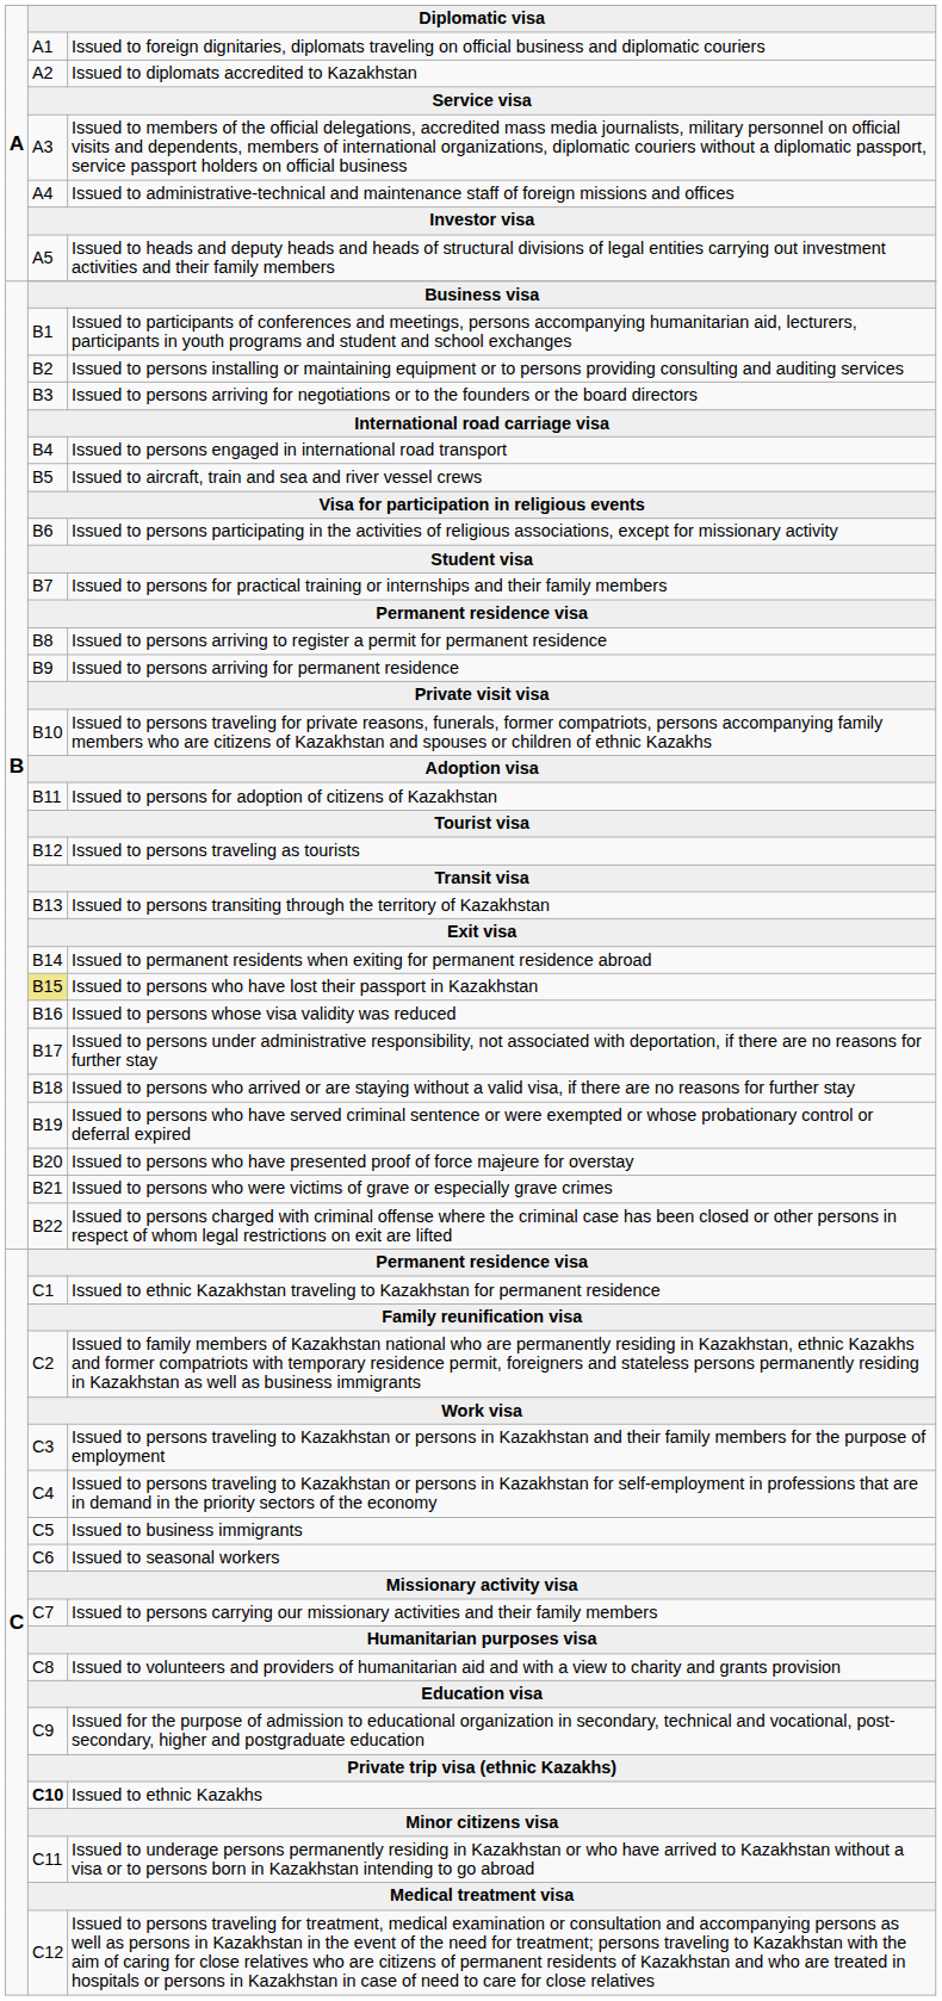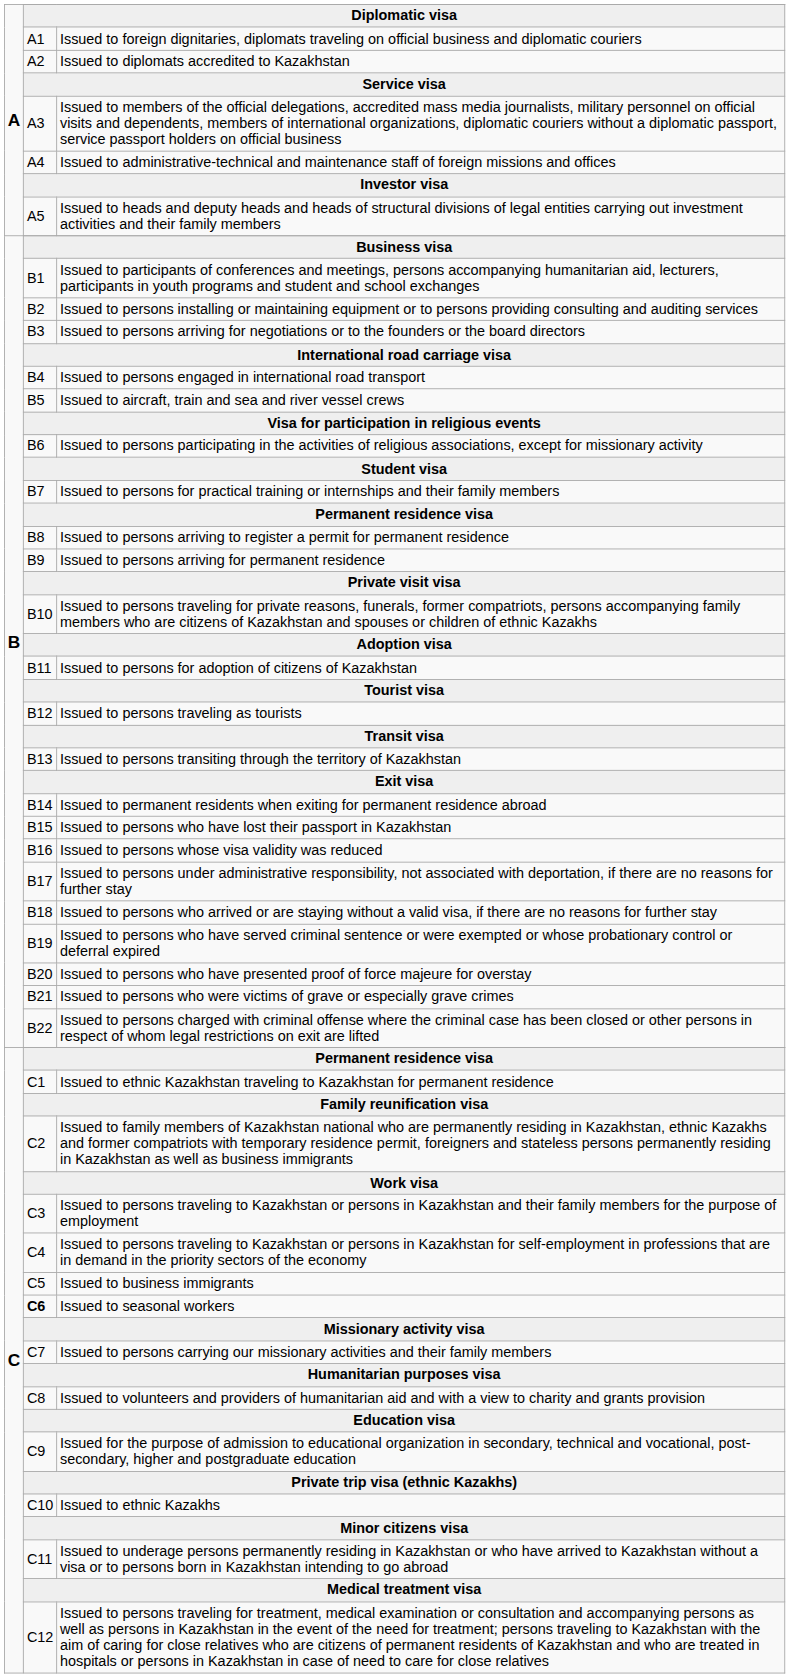 <table class="wikitable">
 <tr>
 <td rowspan="9"><strong><big>A</big></strong></td>
 </tr>
 <tr>
 <th colspan="3" style="background-color:#efefef;">Diplomatic visa</th>
 </tr>
 <tr>
 <td>A1</td>
 <td>Issued to foreign dignitaries, diplomats traveling on official business and diplomatic couriers</td>
 </tr>
 <tr>
 <td>A2</td>
 <td>Issued to diplomats accredited to Kazakhstan</td>
 </tr>
 <tr>
 <th colspan="3" style="background-color:#efefef;">Service visa</th>
 </tr>
 <tr>
 <td>A3</td>
 <td>Issued to members of the official delegations, accredited mass media journalists, military personnel on official visits and dependents, members of international organizations, diplomatic couriers without a diplomatic passport, service passport holders on official business</td>
 </tr>
 <tr>
 <td>A4</td>
 <td>Issued to administrative-technical and maintenance staff of foreign missions and offices</td>
 </tr>
 <tr>
 <th colspan="3" style="background-color:#efefef;">Investor visa</th>
 </tr>
 <tr>
 <td>A5</td>
 <td>Issued to heads and deputy heads and heads of structural divisions of legal entities carrying out investment activities and their family members</td>
 </tr>
 <tr>
 <td rowspan="33"><strong><big>B</big></strong></td>
 </tr>
 <tr>
 <th colspan="3" style="background-color:#efefef;">Business visa</th>
 </tr>
 <tr>
 <td>B1</td>
 <td>Issued to participants of conferences and meetings, persons accompanying humanitarian aid, lecturers, participants in youth programs and student and school exchanges</td>
 </tr>
 <tr>
 <td>B2</td>
 <td>Issued to persons installing or maintaining equipment or to persons providing consulting and auditing services</td>
 </tr>
 <tr>
 <td>B3</td>
 <td>Issued to persons arriving for negotiations or to the founders or the board directors</td>
 </tr>
 <tr>
 <th colspan="3" style="background-color:#efefef;">International road carriage visa</th>
 </tr>
 <tr>
 <td>B4</td>
 <td>Issued to persons engaged in international road transport</td>
 </tr>
 <tr>
 <td>B5</td>
 <td>Issued to aircraft, train and sea and river vessel crews</td>
 </tr>
 <tr>
 <th colspan="3" style="background-color:#efefef;">Visa for participation in religious events</th>
 </tr>
 <tr>
 <td>B6</td>
 <td>Issued to persons participating in the activities of religious associations, except for missionary activity</td>
 </tr>
 <tr>
 <th colspan="3" style="background-color:#efefef;">Student visa</th>
 </tr>
 <tr>
 <td>B7</td>
 <td>Issued to persons for practical training or internships and their family members</td>
 </tr>
 <tr>
 <th colspan="3" style="background-color:#efefef;">Permanent residence visa</th>
 </tr>
 <tr>
 <td>B8</td>
 <td>Issued to persons arriving to register a permit for permanent residence</td>
 </tr>
 <tr>
 <td>B9</td>
 <td>Issued to persons arriving for permanent residence</td>
 </tr>
 <tr>
 <th colspan="3" style="background-color:#efefef;">Private visit visa</th>
 </tr>
 <tr>
 <td>B10</td>
 <td>Issued to persons traveling for private reasons, funerals, former compatriots, persons accompanying family members who are citizens of Kazakhstan and spouses or children of ethnic Kazakhs</td>
 </tr>
 <tr>
 <th colspan="3" style="background-color:#efefef;">Adoption visa</th>
 </tr>
 <tr>
 <td>B11</td>
 <td>Issued to persons for adoption of citizens of Kazakhstan</td>
 </tr>
 <tr>
 <th colspan="3" style="background-color:#efefef;">Tourist visa</th>
 </tr>
 <tr>
 <td>B12</td>
 <td>Issued to persons traveling as tourists</td>
 </tr>
 <tr>
 <th colspan="3" style="background-color:#efefef;">Transit visa</th>
 </tr>
 <tr>
 <td>B13</td>
 <td>Issued to persons transiting through the territory of Kazakhstan</td>
 </tr>
 <tr>
 <th colspan="3" style="background-color:#efefef;">Exit visa</th>
 </tr>
 <tr>
 <td>B14</td>
 <td>Issued to permanent residents when exiting for permanent residence abroad</td>
 </tr>
 <tr>
-<td style="background: khaki;">B15</td>
+<td>B15</td>
 <td>Issued to persons who have lost their passport in Kazakhstan</td>
 </tr>
 <tr>
 <td>B16</td>
 <td>Issued to persons whose visa validity was reduced</td>
 </tr>
 <tr>
 <td>B17</td>
 <td>Issued to persons under administrative responsibility, not associated with deportation, if there are no reasons for further stay</td>
 </tr>
 <tr>
 <td>B18</td>
 <td>Issued to persons who arrived or are staying without a valid visa, if there are no reasons for further stay</td>
 </tr>
 <tr>
 <td>B19</td>
 <td>Issued to persons who have served criminal sentence or were exempted or whose probationary control or deferral expired</td>
 </tr>
 <tr>
 <td>B20</td>
 <td>Issued to persons who have presented proof of force majeure for overstay</td>
 </tr>
 <tr>
 <td>B21</td>
 <td>Issued to persons who were victims of grave or especially grave crimes</td>
 </tr>
 <tr>
 <td>B22</td>
 <td>Issued to persons charged with criminal offense where the criminal case has been closed or other persons in respect of whom legal restrictions on exit are lifted</td>
 </tr>
 <tr>
 <td rowspan="22"><strong><big>C</big></strong></td>
 </tr>
 <tr>
 <th colspan="3" style="background-color:#efefef;">Permanent residence visa</th>
 </tr>
 <tr>
 <td>C1</td>
 <td>Issued to ethnic Kazakhstan traveling to Kazakhstan for permanent residence</td>
 </tr>
 <tr>
 <th colspan="3" style="background-color:#efefef;">Family reunification visa</th>
 </tr>
 <tr>
 <td>C2</td>
 <td>Issued to family members of Kazakhstan national who are permanently residing in Kazakhstan, ethnic Kazakhs and former compatriots with temporary residence permit, foreigners and stateless persons permanently residing in Kazakhstan as well as business immigrants</td>
 </tr>
 <tr>
 <th colspan="3" style="background-color:#efefef;">Work visa</th>
 </tr>
 <tr>
 <td>C3</td>
 <td>Issued to persons traveling to Kazakhstan or persons in Kazakhstan and their family members for the purpose of employment</td>
 </tr>
 <tr>
 <td>C4</td>
 <td>Issued to persons traveling to Kazakhstan or persons in Kazakhstan for self-employment in professions that are in demand in the priority sectors of the economy</td>
 </tr>
 <tr>
 <td>C5</td>
 <td>Issued to business immigrants</td>
 </tr>
 <tr>
-<td>C6</td>
+<td><strong>C6</strong></td>
 <td>Issued to seasonal workers</td>
 </tr>
 <tr>
 <th colspan="3" style="background-color:#efefef;">Missionary activity visa</th>
 </tr>
 <tr>
 <td>C7</td>
 <td>Issued to persons carrying our missionary activities and their family members</td>
 </tr>
 <tr>
 <th colspan="3" style="background-color:#efefef;">Humanitarian purposes visa</th>
 </tr>
 <tr>
 <td>C8</td>
 <td>Issued to volunteers and providers of humanitarian aid and with a view to charity and grants provision</td>
 </tr>
 <tr>
 <th colspan="3" style="background-color:#efefef;">Education visa</th>
 </tr>
 <tr>
 <td>C9</td>
 <td>Issued for the purpose of admission to educational organization in secondary, technical and vocational, post-secondary, higher and postgraduate education</td>
 </tr>
 <tr>
 <th colspan="3" style="background-color:#efefef;">Private trip visa (ethnic Kazakhs)</th>
 </tr>
 <tr>
-<td><strong>C10</strong></td>
+<td>C10</td>
 <td>Issued to ethnic Kazakhs</td>
 </tr>
 <tr>
 <th colspan="3" style="background-color:#efefef;">Minor citizens visa</th>
 </tr>
 <tr>
 <td>C11</td>
 <td>Issued to underage persons permanently residing in Kazakhstan or who have arrived to Kazakhstan without a visa or to persons born in Kazakhstan intending to go abroad</td>
 </tr>
 <tr>
 <th colspan="3" style="background-color:#efefef;">Medical treatment visa</th>
 </tr>
 <tr>
 <td>C12</td>
 <td>Issued to persons traveling for treatment, medical examination or consultation and accompanying persons as well as persons in Kazakhstan in the event of the need for treatment; persons traveling to Kazakhstan with the aim of caring for close relatives who are citizens of permanent residents of Kazakhstan and who are treated in hospitals or persons in Kazakhstan in case of need to care for close relatives</td>
 </tr>
 </table>
